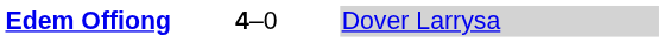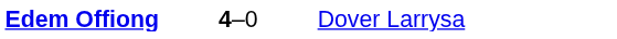 <table>
 <tr>
 <th width=200></th>
 <th width=100></th>
 <th width=200></th>
 </tr>
 <tr>
 <td align=right><strong><a href='#'>Edem Offiong</a> </strong></td>
 <td align=center><strong>4</strong>–0</td>
-<td style="background: lightgrey;"> <a href='#'>Dover Larrysa</a></td>
+<td> <a href='#'>Dover Larrysa</a></td>
 </tr>
 </table>
